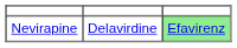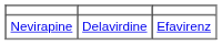 <table border="1" cellpadding="5" cellspacing="0" style="margin:auto;">
 <tr>
 <th></th>
 <th></th>
 <th></th>
 </tr>
 <tr>
 <td><a href='#'>Nevirapine</a></td>
 <td><a href='#'>Delavirdine</a></td>
-<td style="background: lightgreen;"><a href='#'>Efavirenz</a></td>
+<td><a href='#'>Efavirenz</a></td>
 </tr>
 </table>
